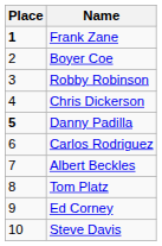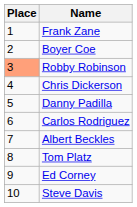 <table class="wikitable">
 <tr>
 <th>Place</th>
 <th>Name</th>
 </tr>
 <tr>
-<td><strong>1</strong></td>
+<td>1</td>
 <td> <a href='#'>Frank Zane</a></td>
 </tr>
 <tr>
 <td>2</td>
 <td> <a href='#'>Boyer Coe</a></td>
 </tr>
 <tr>
-<td>3</td>
+<td style="background: lightsalmon;">3</td>
 <td> <a href='#'>Robby Robinson</a></td>
 </tr>
 <tr>
 <td>4</td>
 <td> <a href='#'>Chris Dickerson</a></td>
 </tr>
 <tr>
-<td><strong>5</strong></td>
+<td>5</td>
 <td> <a href='#'>Danny Padilla</a></td>
 </tr>
 <tr>
 <td>6</td>
 <td> <a href='#'>Carlos Rodriguez</a></td>
 </tr>
 <tr>
 <td>7</td>
 <td> <a href='#'>Albert Beckles</a></td>
 </tr>
 <tr>
 <td>8</td>
 <td> <a href='#'>Tom Platz</a></td>
 </tr>
 <tr>
 <td>9</td>
 <td> <a href='#'>Ed Corney</a></td>
 </tr>
 <tr>
 <td>10</td>
 <td> <a href='#'>Steve Davis</a></td>
 </tr>
 </table>
